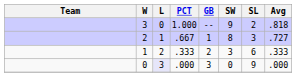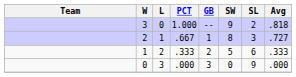 <table class=wikitable style="text-align:center;">
 <tr>
 <th width=200px>Team</th>
 <th width=20px>W</th>
 <th width=20px>L</th>
 <th width=35px><a href='#'>PCT</a></th>
 <th width=25px><a href='#'>GB</a></th>
 <th width=30px>SW</th>
 <th width=30px>SL</th>
 <th width=35px>Avg</th>
 </tr>
 <tr bgcolor="#CCCCFF">
 <td align=left></td>
 <td>3</td>
 <td>0</td>
 <td>1.000</td>
 <td>--</td>
 <td>9</td>
 <td>2</td>
 <td>.818</td>
 </tr>
 <tr bgcolor="#CCCCFF">
 <td align=left></td>
 <td>2</td>
 <td>1</td>
 <td>.667</td>
 <td>1</td>
 <td>8</td>
 <td>3</td>
 <td>.727</td>
 </tr>
 <tr>
 <td align=left> </td>
 <td>1</td>
 <td>2</td>
 <td>.333</td>
 <td>2</td>
-<td>3</td>
+<td>5</td>
 <td>6</td>
 <td>.333</td>
 </tr>
 <tr>
 <td align=left></td>
 <td>0</td>
-<td style="background: lavender;">3</td>
+<td>3</td>
 <td>.000</td>
 <td>3</td>
 <td>0</td>
 <td>9</td>
 <td>.000</td>
 </tr>
 <tr>
 </tr>
 </table>
